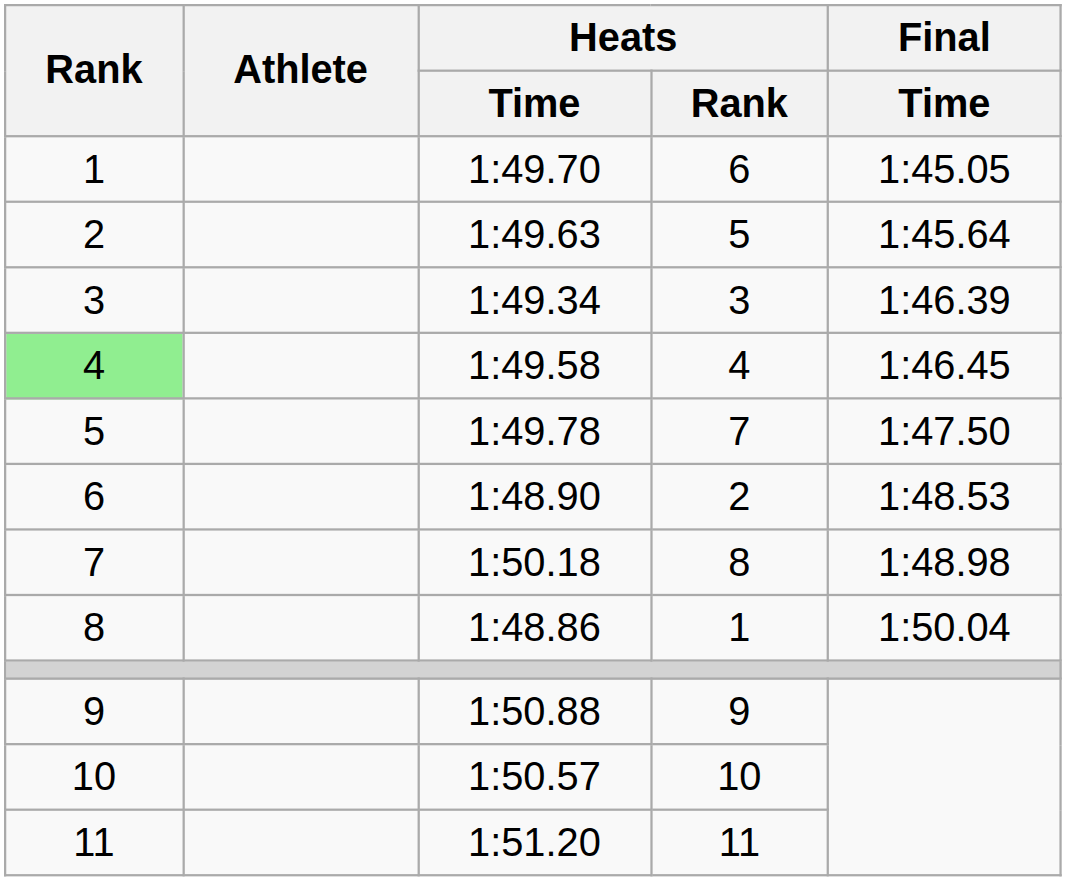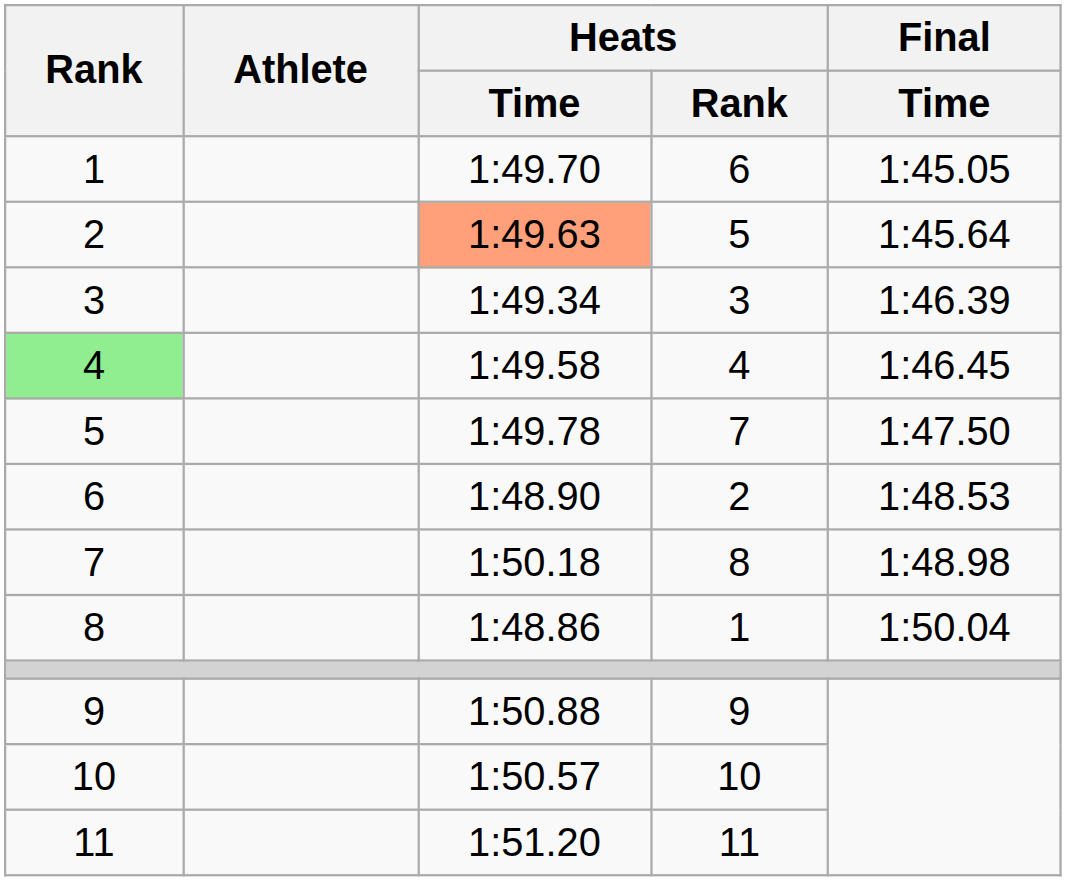 <table class="wikitable" style=" text-align:center; font-size:110%;" width="75%">
 <tr>
 <th rowspan="2">Rank</th>
 <th rowspan="2">Athlete</th>
 <th colspan="2">Heats</th>
 <th>Final</th>
 </tr>
 <tr>
 <th>Time</th>
 <th>Rank</th>
 <th>Time</th>
 </tr>
 <tr>
 <td>1</td>
 <td align=left></td>
 <td>1:49.70</td>
 <td>6</td>
 <td>1:45.05</td>
 </tr>
 <tr>
 <td>2</td>
 <td align=left></td>
-<td>1:49.63</td>
+<td style="background: lightsalmon;">1:49.63</td>
 <td>5</td>
 <td>1:45.64</td>
 </tr>
 <tr>
 <td>3</td>
 <td align=left></td>
 <td>1:49.34</td>
 <td>3</td>
 <td>1:46.39</td>
 </tr>
 <tr>
 <td style="background: lightgreen;">4</td>
 <td align=left></td>
 <td>1:49.58</td>
 <td>4</td>
 <td>1:46.45</td>
 </tr>
 <tr>
 <td>5</td>
 <td align=left></td>
 <td>1:49.78</td>
 <td>7</td>
 <td>1:47.50</td>
 </tr>
 <tr>
 <td>6</td>
 <td align=left></td>
 <td>1:48.90</td>
 <td>2</td>
 <td>1:48.53</td>
 </tr>
 <tr>
 <td>7</td>
 <td align=left></td>
 <td>1:50.18</td>
 <td>8</td>
 <td>1:48.98</td>
 </tr>
 <tr>
 <td>8</td>
 <td align=left></td>
 <td>1:48.86</td>
 <td>1</td>
 <td>1:50.04</td>
 </tr>
 <tr>
 <td colspan=5 bgcolor=lightgray></td>
 </tr>
 <tr>
 <td>9</td>
 <td align=left></td>
 <td>1:50.88</td>
 <td>9</td>
 </tr>
 <tr>
 <td>10</td>
 <td align=left></td>
 <td>1:50.57</td>
 <td>10</td>
 </tr>
 <tr>
 <td>11</td>
 <td align=left></td>
 <td>1:51.20</td>
 <td>11</td>
 </tr>
 </table>
